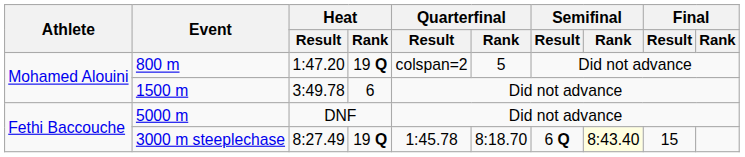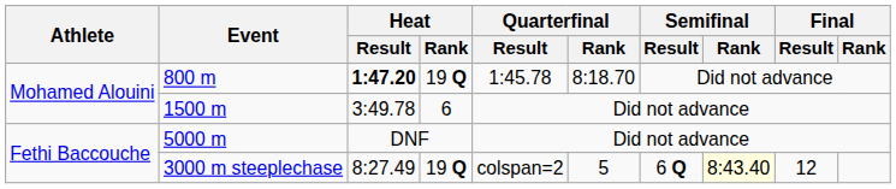 <table class="wikitable" style="font-size:90%">
 <tr>
 <th rowspan="2">Athlete</th>
 <th rowspan="2">Event</th>
 <th colspan="2">Heat</th>
 <th colspan="2">Quarterfinal</th>
 <th colspan="2">Semifinal</th>
 <th colspan="2">Final</th>
 </tr>
 <tr style="font-size:95%">
 <th>Result</th>
 <th>Rank</th>
 <th>Result</th>
 <th>Rank</th>
 <th>Result</th>
 <th>Rank</th>
 <th>Result</th>
 <th>Rank</th>
 </tr>
 <tr align=center>
 <td align=left rowspan=2><a href='#'>Mohamed Alouini</a></td>
 <td align=left><a href='#'>800 m</a></td>
-<td>1:47.20</td>
+<td><strong>1:47.20</strong></td>
 <td>19 <strong>Q</strong></td>
-<td>colspan=2 </td>
-<td>5</td>
+<td>1:45.78</td>
+<td>8:18.70</td>
 <td colspan=6>Did not advance</td>
 </tr>
 <tr align=center>
 <td align=left><a href='#'>1500 m</a></td>
 <td>3:49.78</td>
 <td>6</td>
 <td colspan=6>Did not advance</td>
 </tr>
 <tr align=center>
 <td align=left rowspan=2><a href='#'>Fethi Baccouche</a></td>
 <td align=left><a href='#'>5000 m</a></td>
 <td colspan=2>DNF</td>
 <td colspan=6>Did not advance</td>
 </tr>
 <tr align=center>
 <td align=left><a href='#'>3000 m steeplechase</a></td>
 <td>8:27.49</td>
 <td>19 <strong>Q</strong></td>
-<td>1:45.78</td>
-<td>8:18.70</td>
+<td>colspan=2 </td>
+<td>5</td>
 <td>6 <strong>Q</strong></td>
 <td style="background: lightyellow;">8:43.40</td>
-<td>15</td>
+<td>12</td>
 </tr>
 </table>
